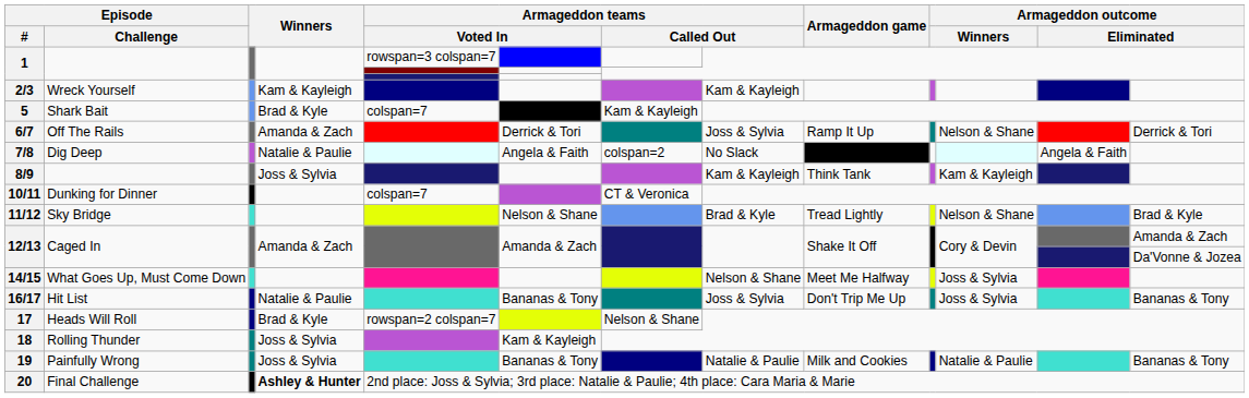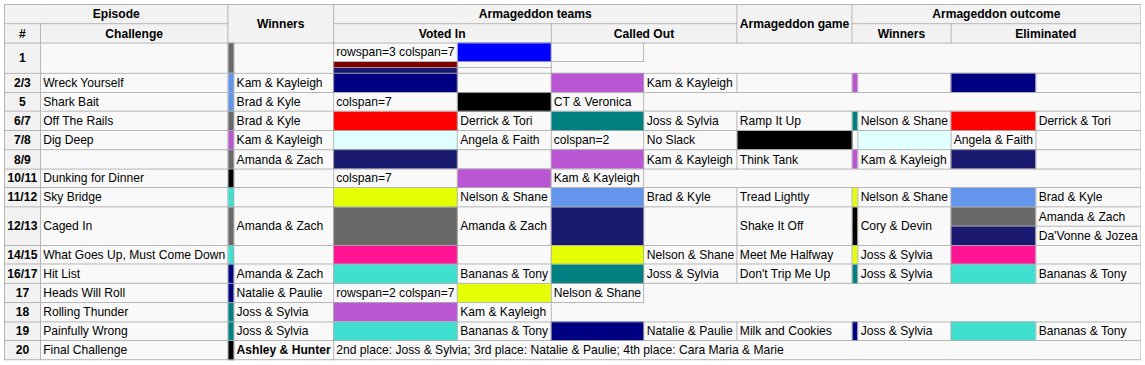 <table class="wikitable" style="font-size:90%; white-space:nowrap">
 <tr>
 <th colspan=2>Episode</th>
 <th colspan=2 rowspan=2>Winners</th>
 <th colspan=4>Armageddon teams</th>
 <th rowspan=2>Armageddon game</th>
 <th colspan=4>Armageddon outcome</th>
 </tr>
 <tr>
 <th>#</th>
 <th>Challenge</th>
 <th colspan=2>Voted In</th>
 <th colspan=2>Called Out</th>
 <th colspan=2>Winners</th>
 <th colspan=2>Eliminated</th>
 </tr>
 <tr>
 <th rowspan=3>1</th>
 <td rowspan=3></td>
 <td bgcolor="dimgrey" rowspan=3></td>
 <td rowspan=3></td>
 <td>rowspan=3 colspan=7 </td>
 <td bgcolor="blue"></td>
 <td></td>
 </tr>
 <tr>
 <td bgcolor="maroon"></td>
 <td></td>
 </tr>
 <tr>
 <td bgcolor="midnightblue"></td>
 <td></td>
 </tr>
 <tr>
 <th>2/3</th>
 <td>Wreck Yourself</td>
 <td bgcolor="cornflowerblue"></td>
 <td>Kam & Kayleigh</td>
 <td bgcolor="navy"></td>
 <td></td>
 <td bgcolor="mediumorchid"></td>
 <td nowrap>Kam & Kayleigh</td>
 <td></td>
 <td bgcolor="mediumorchid"></td>
 <td></td>
 <td bgcolor="navy"></td>
 <td></td>
 </tr>
 <tr>
 <th>5</th>
 <td>Shark Bait</td>
 <td bgcolor="cornflowerblue"></td>
 <td>Brad & Kyle</td>
 <td>colspan=7 </td>
 <td bgcolor="black"></td>
-<td>Kam & Kayleigh</td>
+<td>CT & Veronica</td>
 </tr>
 <tr>
 <th>6/7</th>
 <td>Off The Rails</td>
 <td bgcolor="dimgray"></td>
-<td>Amanda & Zach</td>
+<td>Brad & Kyle</td>
 <td bgcolor="red"></td>
 <td>Derrick & Tori</td>
 <td bgcolor="teal"></td>
 <td>Joss & Sylvia</td>
 <td>Ramp It Up</td>
 <td bgcolor="teal"></td>
 <td>Nelson & Shane</td>
 <td bgcolor="red"></td>
 <td>Derrick & Tori</td>
 </tr>
 <tr>
 <th>7/8</th>
 <td>Dig Deep</td>
 <td bgcolor="mediumorchid"></td>
-<td>Natalie & Paulie</td>
+<td>Kam & Kayleigh</td>
 <td bgcolor="lightcyan"></td>
 <td>Angela & Faith</td>
 <td>colspan=2 </td>
 <td>No Slack</td>
 <td bgcolor="black"></td>
 <td></td>
 <td bgcolor="lightcyan"></td>
 <td>Angela & Faith</td>
 </tr>
 <tr>
 <th>8/9</th>
 <td></td>
 <td bgcolor="dimgray"></td>
-<td>Joss & Sylvia</td>
+<td>Amanda & Zach</td>
 <td bgcolor="midnightblue"></td>
 <td></td>
 <td bgcolor="mediumorchid"></td>
 <td>Kam & Kayleigh</td>
 <td>Think Tank</td>
 <td bgcolor="mediumorchid"></td>
 <td>Kam & Kayleigh</td>
 <td bgcolor="midnightblue"></td>
 <td></td>
 </tr>
 <tr>
 <th>10/11</th>
 <td>Dunking for Dinner</td>
 <td bgcolor="black"></td>
 <td></td>
 <td>colspan=7 </td>
 <td bgcolor="mediumorchid"></td>
-<td>CT & Veronica</td>
+<td>Kam & Kayleigh</td>
 </tr>
 <tr>
 <th>11/12</th>
 <td>Sky Bridge</td>
 <td bgcolor="turquoise"></td>
 <td></td>
 <td bgcolor="#e4ff06"></td>
 <td>Nelson & Shane</td>
 <td bgcolor="cornflowerblue"></td>
 <td>Brad & Kyle</td>
 <td>Tread Lightly</td>
 <td bgcolor="#e4ff06"></td>
 <td>Nelson & Shane</td>
 <td bgcolor="cornflowerblue"></td>
 <td>Brad & Kyle</td>
 </tr>
 <tr>
 <th rowspan=2>12/13</th>
 <td rowspan=2>Caged In</td>
 <td bgcolor="dimgrey" rowspan=2></td>
 <td rowspan=2>Amanda & Zach</td>
 <td bgcolor="dimgrey" rowspan=2></td>
 <td rowspan=2>Amanda & Zach</td>
 <td bgcolor="midnightblue" rowspan=2></td>
 <td rowspan=2></td>
 <td rowspan=2>Shake It Off</td>
 <td bgcolor="black" rowspan=2></td>
 <td rowspan=2>Cory & Devin</td>
 <td bgcolor="dimgray"></td>
 <td>Amanda & Zach</td>
 </tr>
 <tr>
 <td bgcolor="midnightblue"></td>
 <td>Da'Vonne & Jozea</td>
 </tr>
 <tr>
 <th>14/15</th>
 <td>What Goes Up, Must Come Down</td>
 <td bgcolor="turquoise"></td>
 <td></td>
 <td bgcolor="deeppink"></td>
 <td></td>
 <td bgcolor="#E4FF06"></td>
 <td>Nelson & Shane</td>
 <td>Meet Me Halfway</td>
 <td bgcolor="#E4FF06"></td>
 <td>Joss & Sylvia</td>
 <td bgcolor="deeppink"></td>
 <td></td>
 </tr>
 <tr>
 <th>16/17</th>
 <td>Hit List</td>
 <td bgcolor="navy"></td>
-<td>Natalie & Paulie</td>
+<td>Amanda & Zach</td>
 <td bgcolor="turquoise"></td>
 <td>Bananas & Tony</td>
 <td bgcolor="teal"></td>
 <td>Joss & Sylvia</td>
 <td>Don't Trip Me Up</td>
 <td bgcolor="teal"></td>
 <td>Joss & Sylvia</td>
 <td bgcolor="turquoise"></td>
 <td>Bananas & Tony</td>
 </tr>
 <tr>
 <th>17</th>
 <td>Heads Will Roll</td>
 <td bgcolor="navy"></td>
-<td>Brad & Kyle</td>
+<td>Natalie & Paulie</td>
 <td>rowspan=2 colspan=7 </td>
 <td bgcolor="#E4FF06"></td>
 <td>Nelson & Shane</td>
 </tr>
 <tr>
 <th>18</th>
 <td>Rolling Thunder</td>
 <td bgcolor="teal"></td>
 <td>Joss & Sylvia</td>
 <td bgcolor="mediumorchid"></td>
 <td>Kam & Kayleigh</td>
 </tr>
 <tr>
 <th>19</th>
 <td>Painfully Wrong</td>
 <td bgcolor="teal"></td>
 <td>Joss & Sylvia</td>
 <td bgcolor="turquoise"></td>
 <td>Bananas & Tony</td>
 <td bgcolor="navy"></td>
 <td>Natalie & Paulie</td>
 <td>Milk and Cookies</td>
 <td bgcolor="navy"></td>
-<td>Natalie & Paulie</td>
+<td>Joss & Sylvia</td>
 <td bgcolor="turquoise"></td>
 <td>Bananas & Tony</td>
 </tr>
 <tr>
 <th>20</th>
 <td>Final Challenge</td>
 <td bgcolor="black"></td>
 <td><strong>Ashley & Hunter</strong></td>
 <td colspan=9>2nd place: Joss & Sylvia; 3rd place: Natalie & Paulie; 4th place: Cara Maria & Marie</td>
 </tr>
 </table>
